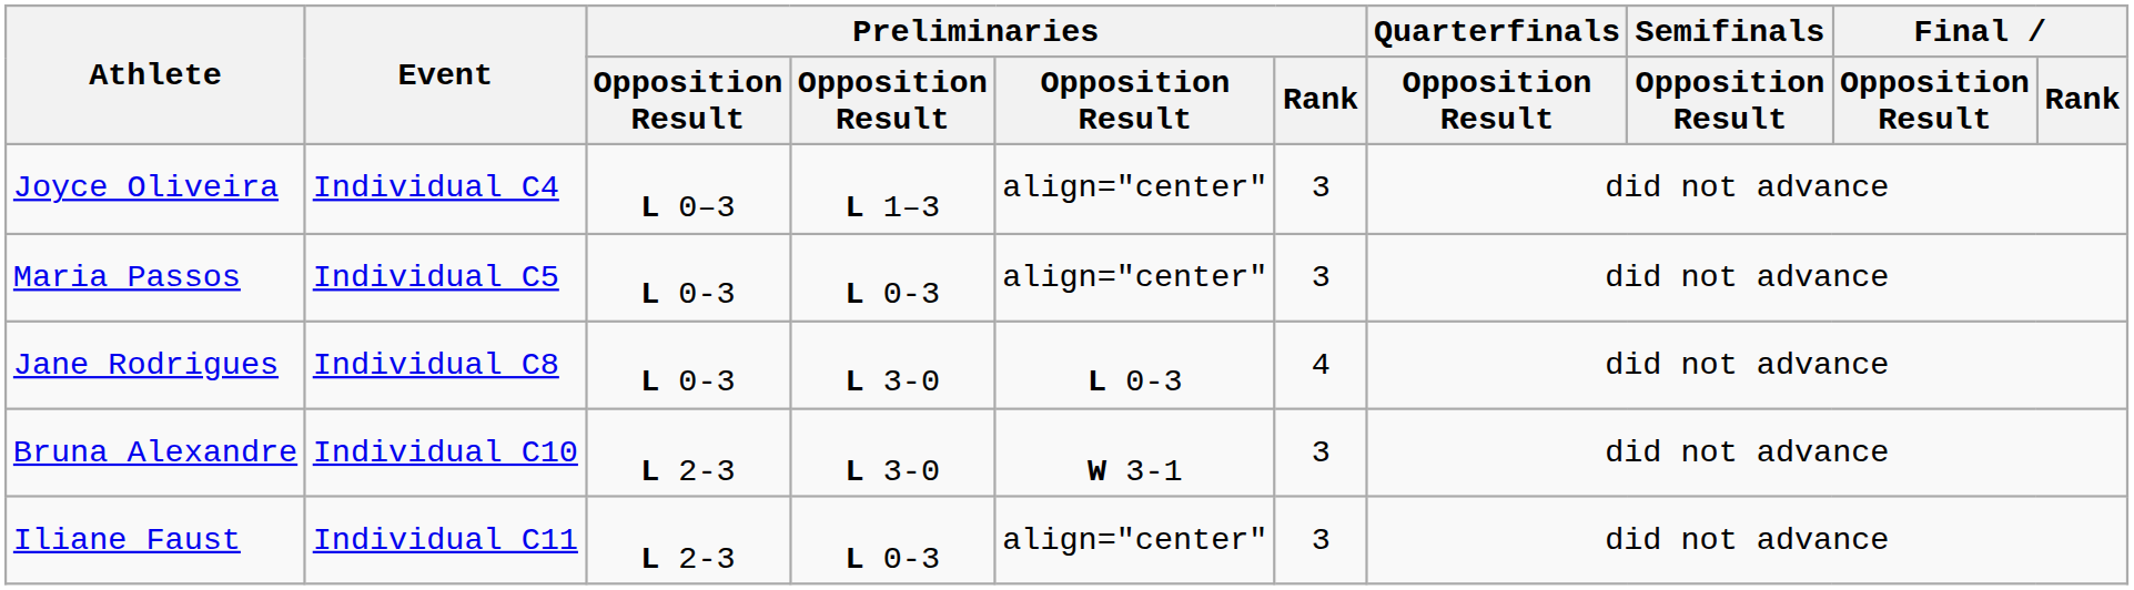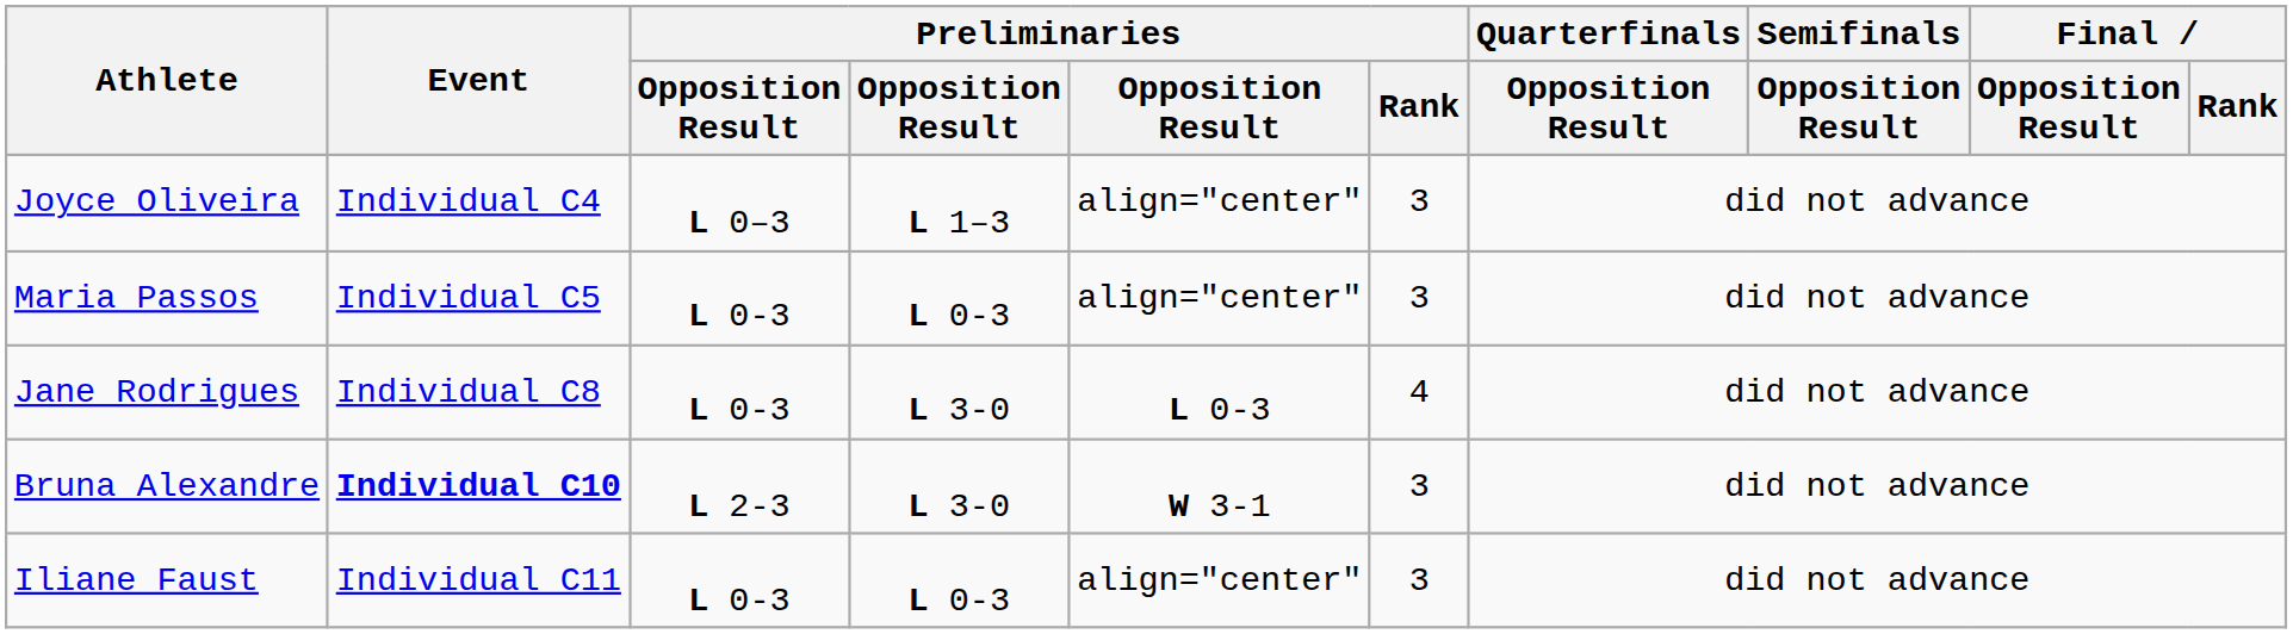 <table class=wikitable>
 <tr>
 <th rowspan="2">Athlete</th>
 <th rowspan="2">Event</th>
 <th colspan="4">Preliminaries</th>
 <th>Quarterfinals</th>
 <th>Semifinals</th>
 <th colspan="2">Final / </th>
 </tr>
 <tr>
 <th>Opposition<br>Result</th>
 <th>Opposition<br>Result</th>
 <th>Opposition<br>Result</th>
 <th>Rank</th>
 <th>Opposition<br>Result</th>
 <th>Opposition<br>Result</th>
 <th>Opposition<br>Result</th>
 <th>Rank</th>
 </tr>
 <tr>
 <td><a href='#'>Joyce Oliveira</a></td>
 <td><a href='#'>Individual C4</a></td>
 <td align="center"><br><strong>L</strong> 0–3</td>
 <td align="center"><br><strong>L</strong> 1–3</td>
 <td>align="center" </td>
 <td align="center">3</td>
 <td align="center" colspan="4">did not advance</td>
 </tr>
 <tr>
 <td><a href='#'>Maria Passos</a></td>
 <td><a href='#'>Individual C5</a></td>
 <td align="center"><br><strong>L</strong> 0-3</td>
 <td align="center"><br><strong>L</strong> 0-3</td>
 <td>align="center" </td>
 <td align="center">3</td>
 <td align="center" colspan="4">did not advance</td>
 </tr>
 <tr>
 <td><a href='#'>Jane Rodrigues</a></td>
 <td><a href='#'>Individual C8</a></td>
 <td align="center"><br><strong>L</strong> 0-3</td>
 <td align="center"><br><strong>L</strong> 3-0</td>
 <td align="center"><br><strong>L</strong> 0-3</td>
 <td align="center">4</td>
 <td align="center" colspan="4">did not advance</td>
 </tr>
 <tr>
 <td><a href='#'>Bruna Alexandre</a></td>
-<td><a href='#'>Individual C10</a></td>
+<td><strong><a href='#'>Individual C10</a></strong></td>
 <td align="center"><br><strong>L</strong> 2-3</td>
 <td align="center"><br><strong>L</strong> 3-0</td>
 <td align="center"><br><strong>W</strong> 3-1</td>
 <td align="center">3</td>
 <td align="center" colspan="4">did not advance</td>
 </tr>
 <tr>
 <td><a href='#'>Iliane Faust</a></td>
 <td><a href='#'>Individual C11</a></td>
-<td align="center"><br><strong>L</strong> 2-3</td>
+<td align="center"><br><strong>L</strong> 0-3</td>
 <td align="center"><br><strong>L</strong> 0-3</td>
 <td>align="center" </td>
 <td align="center">3</td>
 <td align="center" colspan="4">did not advance</td>
 </tr>
 </table>
